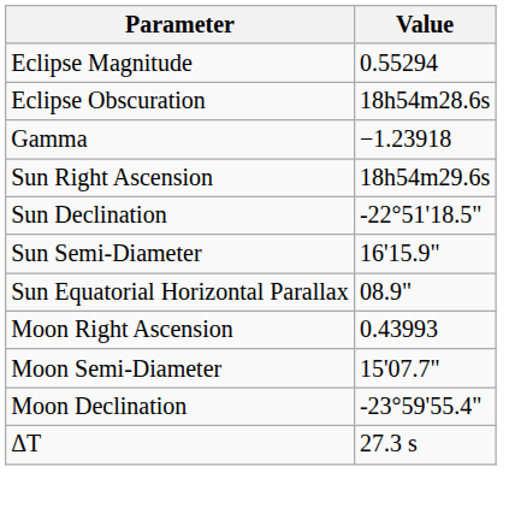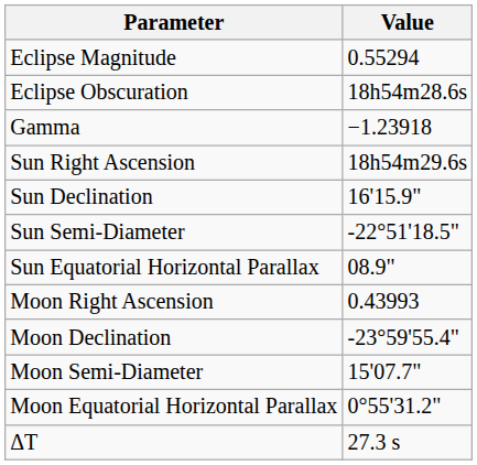 <table class="wikitable">
 <tr>
 <th>Parameter</th>
 <th>Value</th>
 </tr>
 <tr>
 <td>Eclipse Magnitude</td>
 <td>0.55294</td>
 </tr>
 <tr>
 <td>Eclipse Obscuration</td>
 <td>18h54m28.6s</td>
 </tr>
 <tr>
 <td>Gamma</td>
 <td>−1.23918</td>
 </tr>
 <tr>
 <td>Sun Right Ascension</td>
 <td>18h54m29.6s</td>
 </tr>
 <tr>
 <td>Sun Declination</td>
-<td>-22°51'18.5"</td>
+<td>16'15.9"</td>
 </tr>
 <tr>
 <td>Sun Semi-Diameter</td>
-<td>16'15.9"</td>
+<td>-22°51'18.5"</td>
 </tr>
 <tr>
 <td>Sun Equatorial Horizontal Parallax</td>
 <td>08.9"</td>
 </tr>
 <tr>
 <td>Moon Right Ascension</td>
 <td>0.43993</td>
 </tr>
 <tr>
+<td>Moon Declination</td>
+<td>-23°59'55.4"</td>
+</tr>
+<tr>
 <td>Moon Semi-Diameter</td>
 <td>15'07.7"</td>
 </tr>
 <tr>
-<td>Moon Declination</td>
-<td>-23°59'55.4"</td>
+<td>Moon Equatorial Horizontal Parallax</td>
+<td>0°55'31.2"</td>
 </tr>
 <tr>
 <td>ΔT</td>
 <td>27.3 s</td>
 </tr>
 </table>
